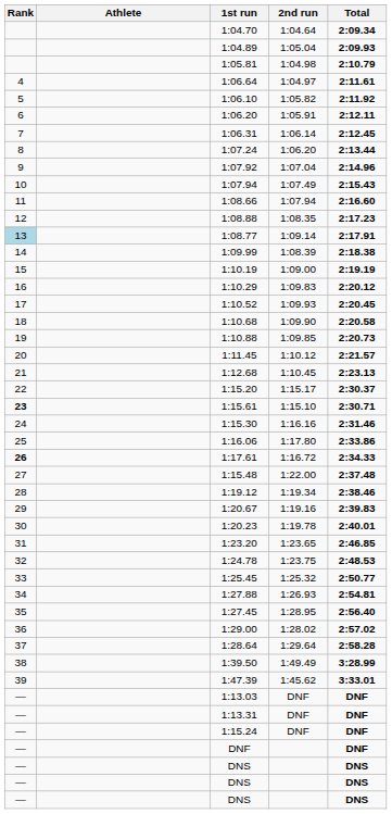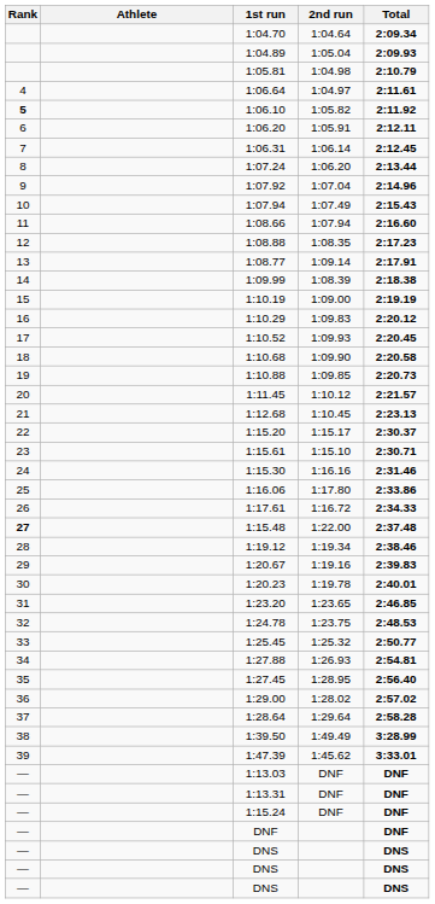 <table class=wikitable style="text-align:center">
 <tr>
 <th width=40>Rank</th>
 <th width=250>Athlete</th>
 <th width=80>1st run</th>
 <th width=80>2nd run</th>
 <th width=80>Total</th>
 </tr>
 <tr>
 <td></td>
 <td align=left></td>
 <td>1:04.70</td>
 <td>1:04.64</td>
 <td><strong>2:09.34</strong></td>
 </tr>
 <tr>
 <td></td>
 <td align=left></td>
 <td>1:04.89</td>
 <td>1:05.04</td>
 <td><strong>2:09.93</strong></td>
 </tr>
 <tr>
 <td></td>
 <td align=left></td>
 <td>1:05.81</td>
 <td>1:04.98</td>
 <td><strong>2:10.79</strong></td>
 </tr>
 <tr>
 <td>4</td>
 <td align=left></td>
 <td>1:06.64</td>
 <td>1:04.97</td>
 <td><strong>2:11.61</strong></td>
 </tr>
 <tr>
-<td>5</td>
+<td><strong>5</strong></td>
 <td align=left></td>
 <td>1:06.10</td>
 <td>1:05.82</td>
 <td><strong>2:11.92</strong></td>
 </tr>
 <tr>
 <td>6</td>
 <td align=left></td>
 <td>1:06.20</td>
 <td>1:05.91</td>
 <td><strong>2:12.11</strong></td>
 </tr>
 <tr>
 <td>7</td>
 <td align=left></td>
 <td>1:06.31</td>
 <td>1:06.14</td>
 <td><strong>2:12.45</strong></td>
 </tr>
 <tr>
 <td>8</td>
 <td align=left></td>
 <td>1:07.24</td>
 <td>1:06.20</td>
 <td><strong>2:13.44</strong></td>
 </tr>
 <tr>
 <td>9</td>
 <td align=left></td>
 <td>1:07.92</td>
 <td>1:07.04</td>
 <td><strong>2:14.96</strong></td>
 </tr>
 <tr>
 <td>10</td>
 <td align=left></td>
 <td>1:07.94</td>
 <td>1:07.49</td>
 <td><strong>2:15.43</strong></td>
 </tr>
 <tr>
 <td>11</td>
 <td align=left></td>
 <td>1:08.66</td>
 <td>1:07.94</td>
 <td><strong>2:16.60</strong></td>
 </tr>
 <tr>
 <td>12</td>
 <td align=left></td>
 <td>1:08.88</td>
 <td>1:08.35</td>
 <td><strong>2:17.23</strong></td>
 </tr>
 <tr>
-<td style="background: lightblue;">13</td>
+<td>13</td>
 <td align=left></td>
 <td>1:08.77</td>
 <td>1:09.14</td>
 <td><strong>2:17.91</strong></td>
 </tr>
 <tr>
 <td>14</td>
 <td align=left></td>
 <td>1:09.99</td>
 <td>1:08.39</td>
 <td><strong>2:18.38</strong></td>
 </tr>
 <tr>
 <td>15</td>
 <td align=left></td>
 <td>1:10.19</td>
 <td>1:09.00</td>
 <td><strong>2:19.19</strong></td>
 </tr>
 <tr>
 <td>16</td>
 <td align=left></td>
 <td>1:10.29</td>
 <td>1:09.83</td>
 <td><strong>2:20.12</strong></td>
 </tr>
 <tr>
 <td>17</td>
 <td align=left></td>
 <td>1:10.52</td>
 <td>1:09.93</td>
 <td><strong>2:20.45</strong></td>
 </tr>
 <tr>
 <td>18</td>
 <td align=left></td>
 <td>1:10.68</td>
 <td>1:09.90</td>
 <td><strong>2:20.58</strong></td>
 </tr>
 <tr>
 <td>19</td>
 <td align=left></td>
 <td>1:10.88</td>
 <td>1:09.85</td>
 <td><strong>2:20.73</strong></td>
 </tr>
 <tr>
 <td>20</td>
 <td align=left></td>
 <td>1:11.45</td>
 <td>1:10.12</td>
 <td><strong>2:21.57</strong></td>
 </tr>
 <tr>
 <td>21</td>
 <td align=left></td>
 <td>1:12.68</td>
 <td>1:10.45</td>
 <td><strong>2:23.13</strong></td>
 </tr>
 <tr>
 <td>22</td>
 <td align=left></td>
 <td>1:15.20</td>
 <td>1:15.17</td>
 <td><strong>2:30.37</strong></td>
 </tr>
 <tr>
-<td><strong>23</strong></td>
+<td>23</td>
 <td align=left></td>
 <td>1:15.61</td>
 <td>1:15.10</td>
 <td><strong>2:30.71</strong></td>
 </tr>
 <tr>
 <td>24</td>
 <td align=left></td>
 <td>1:15.30</td>
 <td>1:16.16</td>
 <td><strong>2:31.46</strong></td>
 </tr>
 <tr>
 <td>25</td>
 <td align=left></td>
 <td>1:16.06</td>
 <td>1:17.80</td>
 <td><strong>2:33.86</strong></td>
 </tr>
 <tr>
-<td><strong>26</strong></td>
+<td>26</td>
 <td align=left></td>
 <td>1:17.61</td>
 <td>1:16.72</td>
 <td><strong>2:34.33</strong></td>
 </tr>
 <tr>
-<td>27</td>
+<td><strong>27</strong></td>
 <td align=left></td>
 <td>1:15.48</td>
 <td>1:22.00</td>
 <td><strong>2:37.48</strong></td>
 </tr>
 <tr>
 <td>28</td>
 <td align=left></td>
 <td>1:19.12</td>
 <td>1:19.34</td>
 <td><strong>2:38.46</strong></td>
 </tr>
 <tr>
 <td>29</td>
 <td align=left></td>
 <td>1:20.67</td>
 <td>1:19.16</td>
 <td><strong>2:39.83</strong></td>
 </tr>
 <tr>
 <td>30</td>
 <td align=left></td>
 <td>1:20.23</td>
 <td>1:19.78</td>
 <td><strong>2:40.01</strong></td>
 </tr>
 <tr>
 <td>31</td>
 <td align=left></td>
 <td>1:23.20</td>
 <td>1:23.65</td>
 <td><strong>2:46.85</strong></td>
 </tr>
 <tr>
 <td>32</td>
 <td align=left></td>
 <td>1:24.78</td>
 <td>1:23.75</td>
 <td><strong>2:48.53</strong></td>
 </tr>
 <tr>
 <td>33</td>
 <td align=left></td>
 <td>1:25.45</td>
 <td>1:25.32</td>
 <td><strong>2:50.77</strong></td>
 </tr>
 <tr>
 <td>34</td>
 <td align=left></td>
 <td>1:27.88</td>
 <td>1:26.93</td>
 <td><strong>2:54.81</strong></td>
 </tr>
 <tr>
 <td>35</td>
 <td align=left></td>
 <td>1:27.45</td>
 <td>1:28.95</td>
 <td><strong>2:56.40</strong></td>
 </tr>
 <tr>
 <td>36</td>
 <td align=left></td>
 <td>1:29.00</td>
 <td>1:28.02</td>
 <td><strong>2:57.02</strong></td>
 </tr>
 <tr>
 <td>37</td>
 <td align=left></td>
 <td>1:28.64</td>
 <td>1:29.64</td>
 <td><strong>2:58.28</strong></td>
 </tr>
 <tr>
 <td>38</td>
 <td align=left></td>
 <td>1:39.50</td>
 <td>1:49.49</td>
 <td><strong>3:28.99</strong></td>
 </tr>
 <tr>
 <td>39</td>
 <td align=left></td>
 <td>1:47.39</td>
 <td>1:45.62</td>
 <td><strong>3:33.01</strong></td>
 </tr>
 <tr>
 <td>—</td>
 <td align=left></td>
 <td>1:13.03</td>
 <td>DNF</td>
 <td><strong>DNF</strong></td>
 </tr>
 <tr>
 <td>—</td>
 <td align=left></td>
 <td>1:13.31</td>
 <td>DNF</td>
 <td><strong>DNF</strong></td>
 </tr>
 <tr>
 <td>—</td>
 <td align=left></td>
 <td>1:15.24</td>
 <td>DNF</td>
 <td><strong>DNF</strong></td>
 </tr>
 <tr>
 <td>—</td>
 <td align=left></td>
 <td>DNF</td>
 <td></td>
 <td><strong>DNF</strong></td>
 </tr>
 <tr>
 <td>—</td>
 <td align=left></td>
 <td>DNS</td>
 <td></td>
 <td><strong>DNS</strong></td>
 </tr>
 <tr>
 <td>—</td>
 <td align=left></td>
 <td>DNS</td>
 <td></td>
 <td><strong>DNS</strong></td>
 </tr>
 <tr>
 <td>—</td>
 <td align=left></td>
 <td>DNS</td>
 <td></td>
 <td><strong>DNS</strong></td>
 </tr>
 </table>
